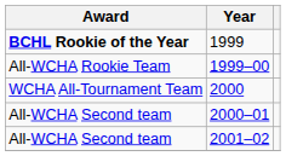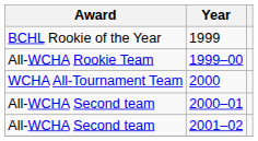 <table class="wikitable">
 <tr>
 <th>Award</th>
 <th>Year</th>
 <th></th>
 </tr>
 <tr>
-<td><strong><a href='#'>BCHL</a> Rookie of the Year</strong></td>
+<td><a href='#'>BCHL</a> Rookie of the Year</td>
 <td>1999</td>
 <td></td>
 </tr>
 <tr>
 <td>All-<a href='#'>WCHA</a> <a href='#'>Rookie Team</a></td>
 <td><a href='#'>1999–00</a></td>
 <td></td>
 </tr>
 <tr>
 <td><a href='#'>WCHA</a> <a href='#'>All-Tournament Team</a></td>
 <td><a href='#'>2000</a></td>
 <td></td>
 </tr>
 <tr>
 <td>All-<a href='#'>WCHA</a> <a href='#'>Second team</a></td>
 <td><a href='#'>2000–01</a></td>
 <td></td>
 </tr>
 <tr>
 <td>All-<a href='#'>WCHA</a> <a href='#'>Second team</a></td>
 <td><a href='#'>2001–02</a></td>
 <td></td>
 </tr>
 <tr>
 </tr>
 </table>
